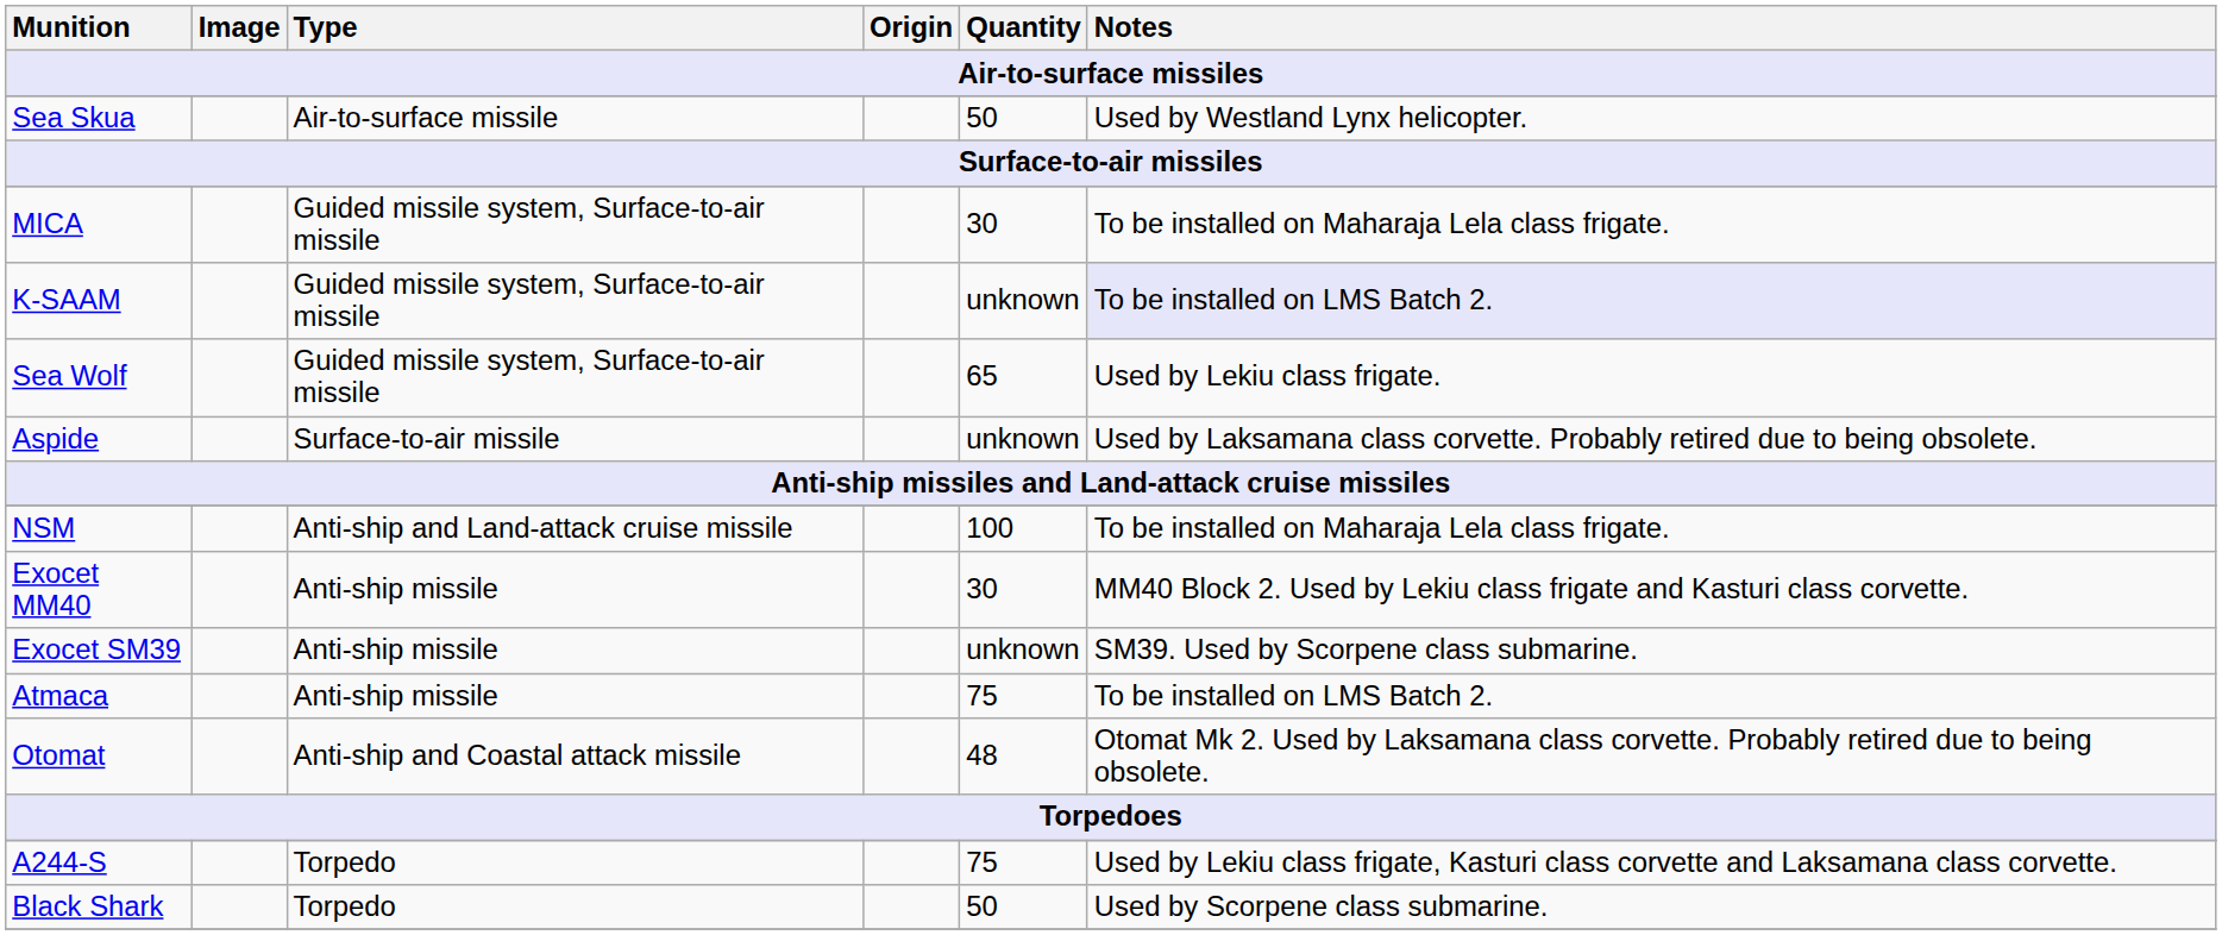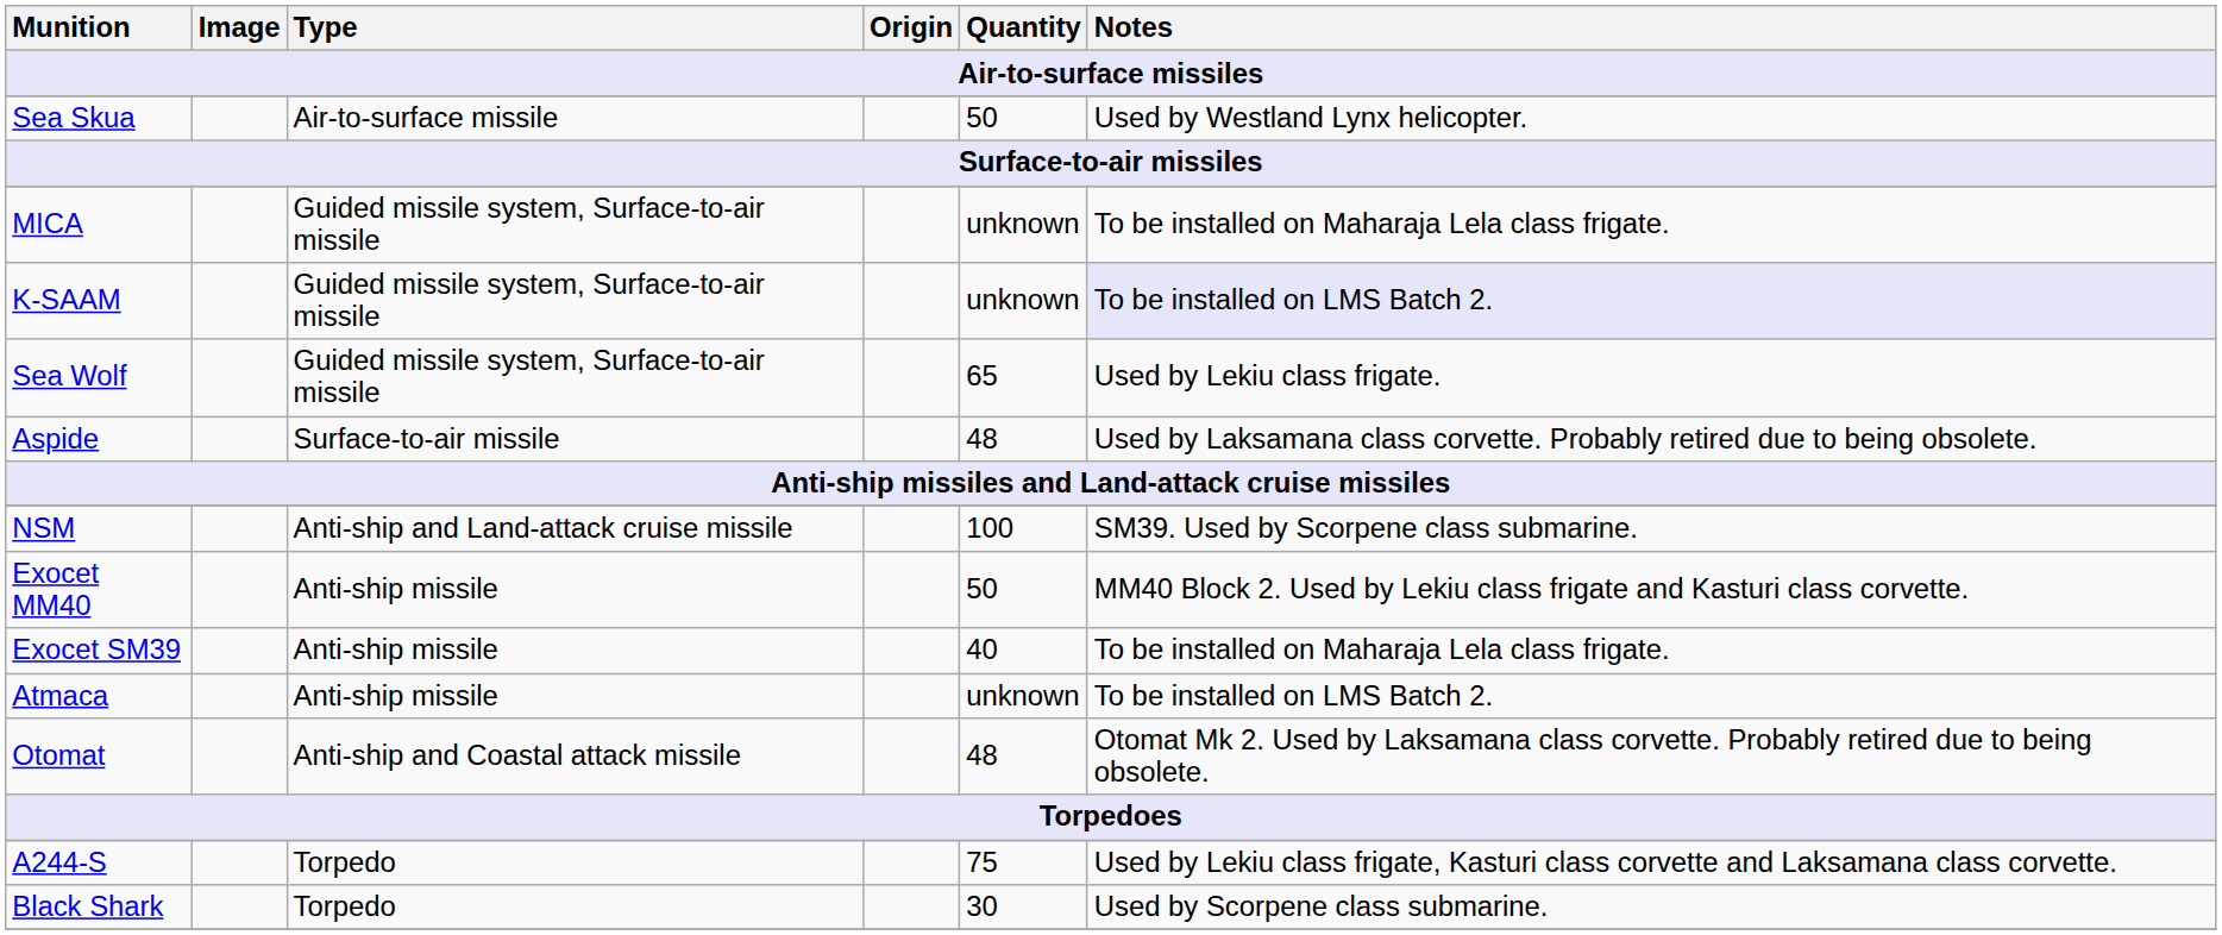 <table class="wikitable">
 <tr>
 <th style="text-align: left;">Munition</th>
 <th style="text-align: left;">Image</th>
 <th style="text-align: left;">Type</th>
 <th style="text-align: left;">Origin</th>
 <th style="text-align: left;">Quantity</th>
 <th style="text-align: left;">Notes</th>
 </tr>
 <tr>
 <th style="align: center; background: lavender;" colspan="7">Air-to-surface missiles</th>
 </tr>
 <tr --->
 </tr>
 <tr>
 <td><a href='#'>Sea Skua</a></td>
 <td></td>
 <td>Air-to-surface missile</td>
 <td></td>
 <td>50</td>
 <td>Used by Westland Lynx helicopter.</td>
 </tr>
 <tr>
 <th style="align: center; background: lavender;" colspan="7">Surface-to-air missiles</th>
 </tr>
 <tr --->
 </tr>
 <tr>
 <td><a href='#'>MICA</a></td>
 <td></td>
 <td>Guided missile system, Surface-to-air missile</td>
 <td></td>
-<td>30</td>
+<td>unknown</td>
 <td>To be installed on Maharaja Lela class frigate.</td>
 </tr>
 <tr>
 <td><a href='#'>K-SAAM</a></td>
 <td></td>
 <td>Guided missile system, Surface-to-air missile</td>
 <td></td>
 <td>unknown</td>
 <td style="background: lavender;">To be installed on LMS Batch 2.</td>
 </tr>
 <tr>
 <td><a href='#'>Sea Wolf</a></td>
 <td></td>
 <td>Guided missile system, Surface-to-air missile</td>
 <td></td>
 <td>65</td>
 <td>Used by Lekiu class frigate.</td>
 </tr>
 <tr>
 <td><a href='#'>Aspide</a></td>
 <td></td>
 <td>Surface-to-air missile</td>
 <td></td>
-<td>unknown</td>
+<td>48</td>
 <td>Used by Laksamana class corvette. Probably retired due to being obsolete.</td>
 </tr>
 <tr>
 <th style="align: center; background: lavender;" colspan="7">Anti-ship missiles and Land-attack cruise missiles</th>
 </tr>
 <tr --->
 </tr>
 <tr>
 <td><a href='#'>NSM</a></td>
 <td></td>
 <td>Anti-ship and Land-attack cruise missile</td>
 <td></td>
 <td>100</td>
-<td>To be installed on Maharaja Lela class frigate.</td>
+<td>SM39. Used by Scorpene class submarine.</td>
 </tr>
 <tr>
 <td><a href='#'>Exocet MM40</a></td>
 <td></td>
 <td>Anti-ship missile</td>
 <td></td>
-<td>30</td>
+<td>50</td>
 <td>MM40 Block 2. Used by Lekiu class frigate and Kasturi class corvette.</td>
 </tr>
 <tr>
 <td><a href='#'>Exocet SM39</a></td>
 <td></td>
 <td>Anti-ship missile</td>
 <td></td>
-<td>unknown</td>
-<td>SM39. Used by Scorpene class submarine.</td>
+<td>40</td>
+<td>To be installed on Maharaja Lela class frigate.</td>
 </tr>
 <tr>
 <td><a href='#'>Atmaca</a></td>
 <td></td>
 <td>Anti-ship missile</td>
 <td></td>
-<td>75</td>
+<td>unknown</td>
 <td>To be installed on LMS Batch 2.</td>
 </tr>
 <tr>
 <td><a href='#'>Otomat</a></td>
 <td></td>
 <td>Anti-ship and Coastal attack missile</td>
 <td></td>
 <td>48</td>
 <td>Otomat Mk 2. Used by Laksamana class corvette. Probably retired due to being obsolete.</td>
 </tr>
 <tr>
 <th style="align: center; background: lavender;" colspan="7">Torpedoes</th>
 </tr>
 <tr --->
 </tr>
 <tr>
 <td><a href='#'>A244-S</a></td>
 <td></td>
 <td>Torpedo</td>
 <td></td>
 <td>75</td>
 <td>Used by Lekiu class frigate, Kasturi class corvette and Laksamana class corvette.</td>
 </tr>
 <tr>
 <td><a href='#'>Black Shark</a></td>
 <td></td>
 <td>Torpedo</td>
 <td></td>
-<td>50</td>
+<td>30</td>
 <td>Used by Scorpene class submarine.</td>
 </tr>
 <tr>
 </tr>
 </table>
